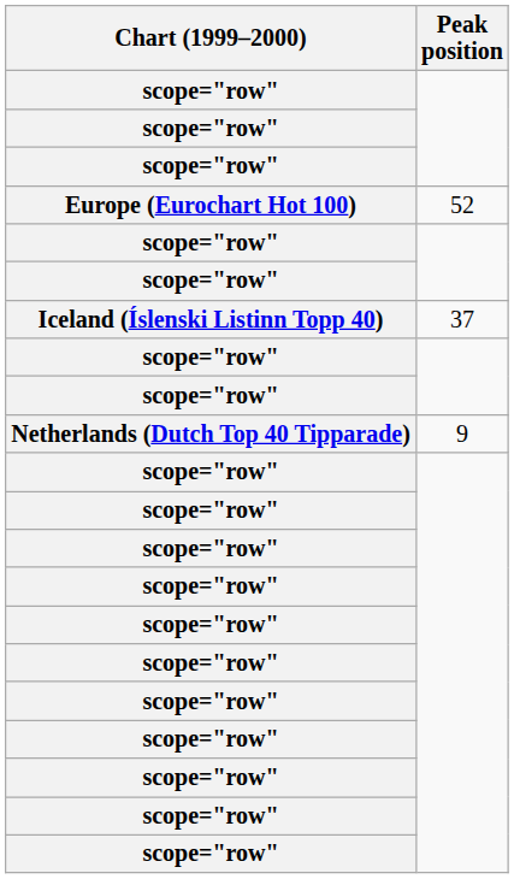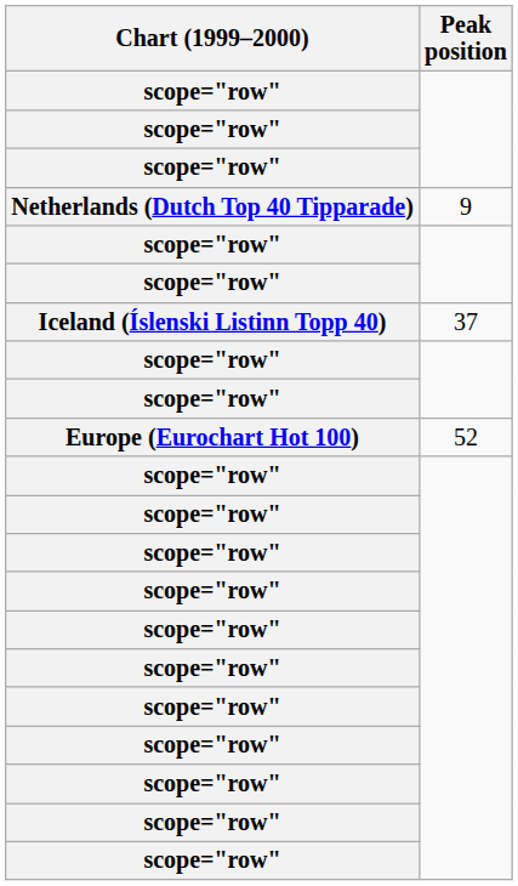 <table class="wikitable sortable plainrowheaders" style="text-align:center">
 <tr>
 <th scope="col">Chart (1999–2000)</th>
 <th scope="col">Peak<br>position</th>
 </tr>
 <tr>
 <th>scope="row"</th>
 </tr>
 <tr>
 <th>scope="row"</th>
 </tr>
 <tr>
 <th>scope="row"</th>
 </tr>
 <tr>
-<th scope="row">Europe (<a href='#'>Eurochart Hot 100</a>)</th>
-<td>52</td>
+<th scope="row">Netherlands (<a href='#'>Dutch Top 40 Tipparade</a>)</th>
+<td>9</td>
 </tr>
 <tr>
 <th>scope="row"</th>
 </tr>
 <tr>
 <th>scope="row"</th>
 </tr>
 <tr>
 <th scope="row">Iceland (<a href='#'>Íslenski Listinn Topp 40</a>)</th>
 <td>37</td>
 </tr>
 <tr>
 <th>scope="row"</th>
 </tr>
 <tr>
 <th>scope="row"</th>
 </tr>
 <tr>
-<th scope="row">Netherlands (<a href='#'>Dutch Top 40 Tipparade</a>)</th>
-<td>9</td>
+<th scope="row">Europe (<a href='#'>Eurochart Hot 100</a>)</th>
+<td>52</td>
 </tr>
 <tr>
 <th>scope="row"</th>
 </tr>
 <tr>
 <th>scope="row"</th>
 </tr>
 <tr>
 <th>scope="row"</th>
 </tr>
 <tr>
 <th>scope="row"</th>
 </tr>
 <tr>
 <th>scope="row"</th>
 </tr>
 <tr>
 <th>scope="row"</th>
 </tr>
 <tr>
 <th>scope="row"</th>
 </tr>
 <tr>
 <th>scope="row"</th>
 </tr>
 <tr>
 <th>scope="row"</th>
 </tr>
 <tr>
 <th>scope="row"</th>
 </tr>
 <tr>
 <th>scope="row"</th>
 </tr>
 </table>
